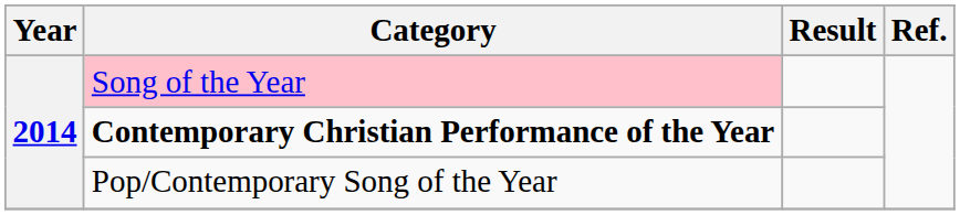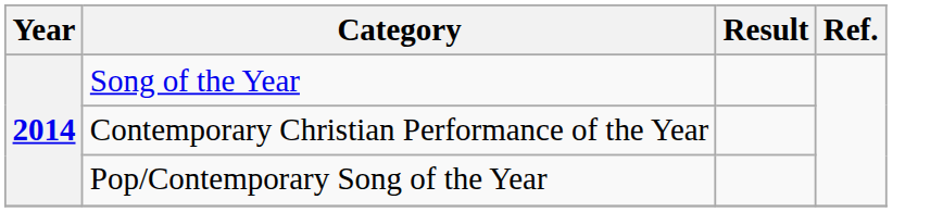 <table class="wikitable">
 <tr>
 <th style="width:30px;">Year</th>
 <th>Category</th>
 <th>Result</th>
 <th>Ref.</th>
 </tr>
 <tr>
 <th rowspan="3"><a href='#'>2014</a></th>
-<td style="background: pink;"><a href='#'>Song of the Year</a></td>
+<td><a href='#'>Song of the Year</a></td>
 <td></td>
 <td rowspan= "3"></td>
 </tr>
 <tr>
-<td><strong>Contemporary Christian Performance of the Year</strong></td>
+<td>Contemporary Christian Performance of the Year</td>
 <td></td>
 </tr>
 <tr>
 <td>Pop/Contemporary Song of the Year</td>
 <td></td>
 </tr>
 <tr>
 </tr>
 </table>
